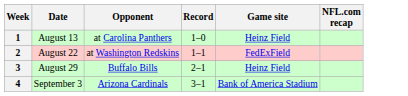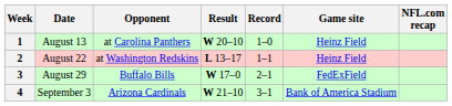 <table class="wikitable" style="text-align:center">
 <tr>
 <th>Week</th>
 <th>Date</th>
 <th>Opponent</th>
+<th>Result</th>
 <th>Record</th>
 <th>Game site</th>
 <th>NFL.com<br>recap</th>
 </tr>
 <tr style="background:#cfc;">
 <th>1</th>
 <td>August 13</td>
 <td>at <a href='#'>Carolina Panthers</a></td>
+<td><strong>W</strong> 20–10</td>
 <td>1–0</td>
 <td><a href='#'>Heinz Field</a></td>
 <td></td>
 </tr>
 <tr style="background:#fcc;">
 <th>2</th>
 <td>August 22</td>
 <td>at <a href='#'>Washington Redskins</a></td>
+<td><strong>L</strong> 13–17</td>
 <td>1–1</td>
-<td><a href='#'>FedExField</a></td>
+<td><a href='#'>Heinz Field</a></td>
 <td></td>
 </tr>
 <tr style="background:#cfc;">
 <th>3</th>
 <td>August 29</td>
 <td><a href='#'>Buffalo Bills</a></td>
+<td><strong>W</strong> 17–0</td>
 <td>2–1</td>
-<td><a href='#'>Heinz Field</a></td>
+<td><a href='#'>FedExField</a></td>
 <td></td>
 </tr>
 <tr style="background:#cfc;">
 <th>4</th>
 <td>September 3</td>
 <td><a href='#'>Arizona Cardinals</a></td>
+<td><strong>W</strong> 21–10</td>
 <td>3–1</td>
 <td><a href='#'>Bank of America Stadium</a></td>
 <td></td>
 </tr>
 </table>
